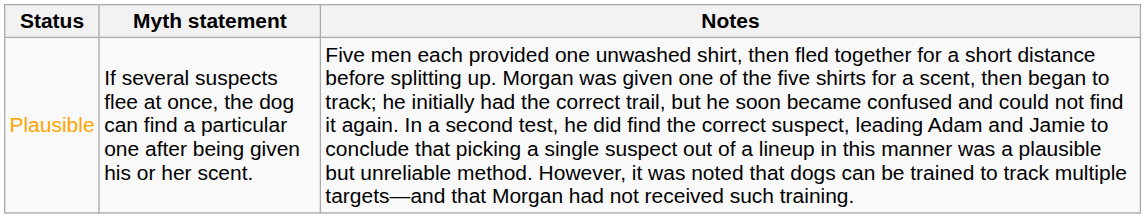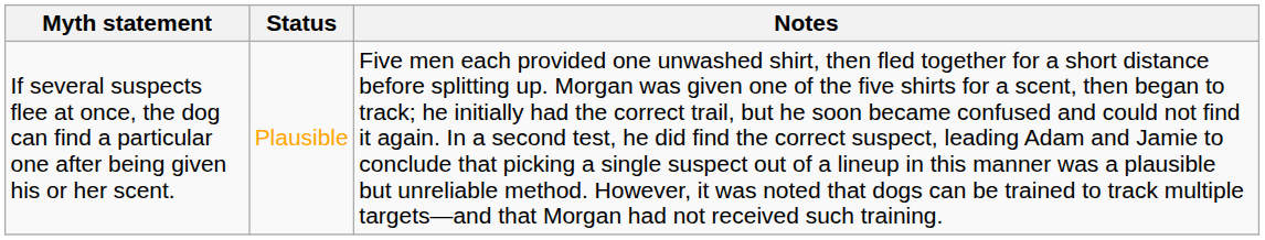 <table class="wikitable plainrowheaders">
 <tr>
+<th>Myth statement</th>
 <th>Status</th>
-<th>Myth statement</th>
 <th>Notes</th>
 </tr>
 <tr>
+<td>If several suspects flee at once, the dog can find a particular one after being given his or her scent.</td>
 <td style="color:orange">Plausible</td>
-<td>If several suspects flee at once, the dog can find a particular one after being given his or her scent.</td>
 <td>Five men each provided one unwashed shirt, then fled together for a short distance before splitting up. Morgan was given one of the five shirts for a scent, then began to track; he initially had the correct trail, but he soon became confused and could not find it again. In a second test, he did find the correct suspect, leading Adam and Jamie to conclude that picking a single suspect out of a lineup in this manner was a plausible but unreliable method. However, it was noted that dogs can be trained to track multiple targets—and that Morgan had not received such training.</td>
 </tr>
 </table>
